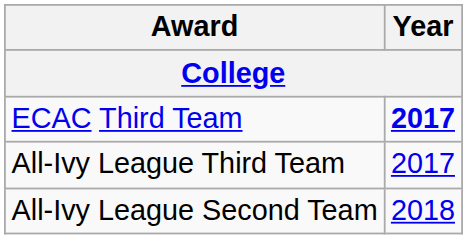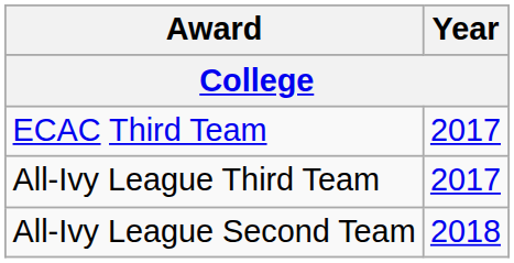 <table class="wikitable">
 <tr>
 <th>Award</th>
 <th>Year</th>
 </tr>
 <tr>
 <th colspan="3"><a href='#'>College</a></th>
 </tr>
 <tr>
 <td><a href='#'>ECAC</a> <a href='#'>Third Team</a></td>
-<td><strong><a href='#'>2017</a></strong></td>
+<td><a href='#'>2017</a></td>
 </tr>
 <tr>
 <td>All-Ivy League Third Team</td>
 <td><a href='#'>2017</a></td>
 </tr>
 <tr>
 <td>All-Ivy League Second Team</td>
 <td><a href='#'>2018</a></td>
 </tr>
 </table>
